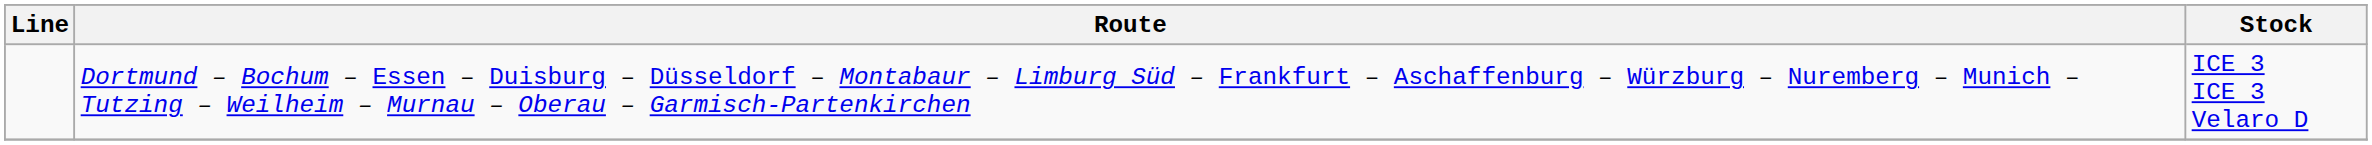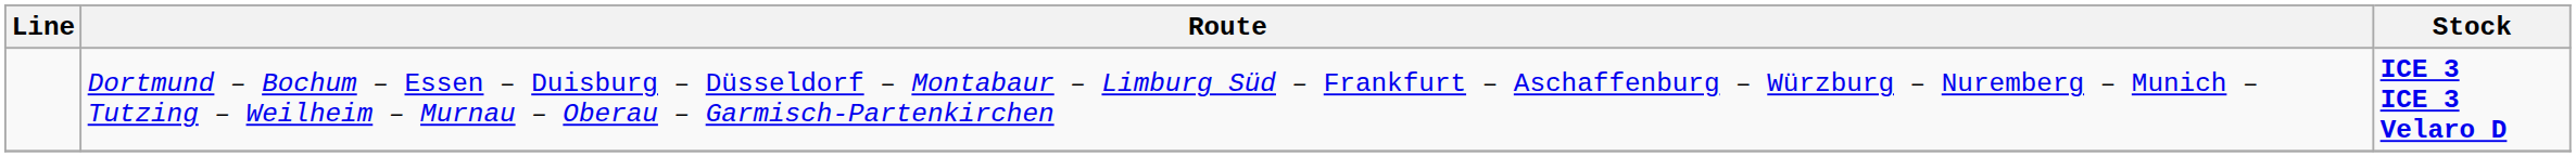 <table class="wikitable" width="100%">
 <tr class="hintergrundfarbe5">
 <th>Line</th>
 <th>Route</th>
 <th>Stock</th>
 </tr>
 <tr>
 <td></td>
 <td><em><a href='#'>Dortmund</a> – <a href='#'>Bochum</a> –</em> <a href='#'>Essen</a> – <a href='#'>Duisburg</a> – <a href='#'>Düsseldorf</a> –  <em>  <a href='#'>Montabaur</a> – <a href='#'>Limburg Süd</a> –</em>  <a href='#'>Frankfurt</a> – <a href='#'>Aschaffenburg</a> – <a href='#'>Würzburg</a> – <a href='#'>Nuremberg</a> – <a href='#'>Munich</a> – <em><a href='#'>Tutzing</a> – <a href='#'>Weilheim</a> – <a href='#'>Murnau</a> – <a href='#'>Oberau</a> – <a href='#'>Garmisch-Partenkirchen</a></em></td>
-<td><a href='#'>ICE 3</a><br><a href='#'>ICE 3 Velaro D</a></td>
+<td><strong><a href='#'>ICE 3</a><br><a href='#'>ICE 3 Velaro D</a></strong></td>
 </tr>
 <tr>
 </tr>
 </table>
